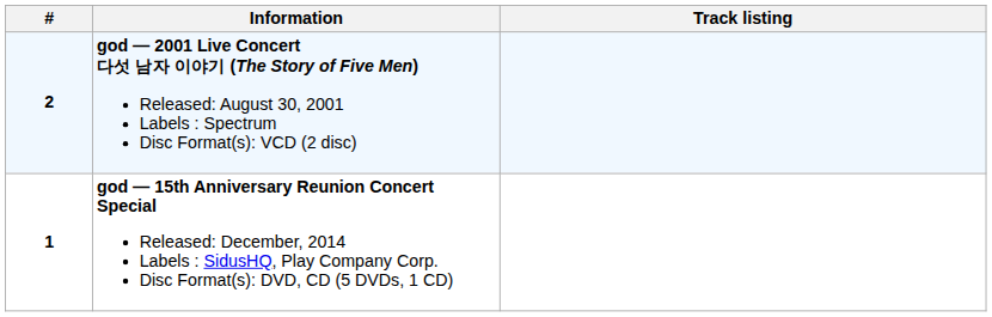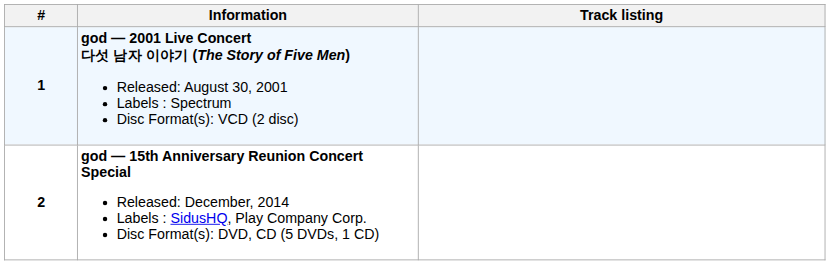 <table class="wikitable">
 <tr>
 <th style="width:75px;">#</th>
 <th style="width:375px;">Information</th>
 <th style="width:450px;">Track listing</th>
 </tr>
 <tr style="background:#f0f8ff;">
-<td style="text-align:center;"><strong>2</strong></td>
+<td style="text-align:center;"><strong>1</strong></td>
 <td><strong>god — 2001 Live Concert <br>다섯 남자 이야기 (<em>The Story of Five Men</em>)</strong><br><ul><li>Released: August 30, 2001</li><li>Labels : Spectrum</li><li>Disc Format(s): VCD (2 disc)</li></ul></td>
 <td style="text-align:left; font-size:85%;"><br> </td>
 </tr>
 <tr style="background:#fff;">
-<td style="text-align:center;"><strong>1</strong></td>
+<td style="text-align:center;"><strong>2</strong></td>
 <td><strong>god — 15th Anniversary Reunion Concert Special</strong><br><ul><li>Released: December, 2014</li><li>Labels : <a href='#'>SidusHQ</a>, Play Company Corp.</li><li>Disc Format(s): DVD, CD (5 DVDs, 1 CD)</li></ul></td>
 <td style="text-align:left; font-size:85%;"><br>     </td>
 </tr>
 </table>
